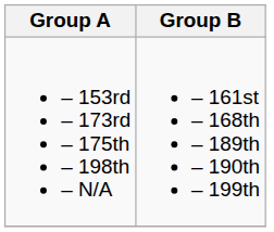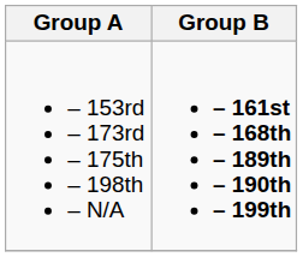 <table class="wikitable">
 <tr>
 <th width=50%>Group A</th>
 <th width=50%>Group B</th>
 </tr>
 <tr style="vertical-align: top;">
 <td><br><ul><li> – 153rd</li><li> – 173rd</li><li> – 175th</li><li> – 198th</li><li> – N/A</li></ul></td>
-<td><br><ul><li> – 161st</li><li> – 168th</li><li> – 189th</li><li> – 190th</li><li> – 199th</li></ul></td>
+<td><strong><br><ul><li> – 161st</li><li> – 168th</li><li> – 189th</li><li> – 190th</li><li> – 199th</li></ul></strong></td>
 </tr>
 <tr>
 </tr>
 </table>
